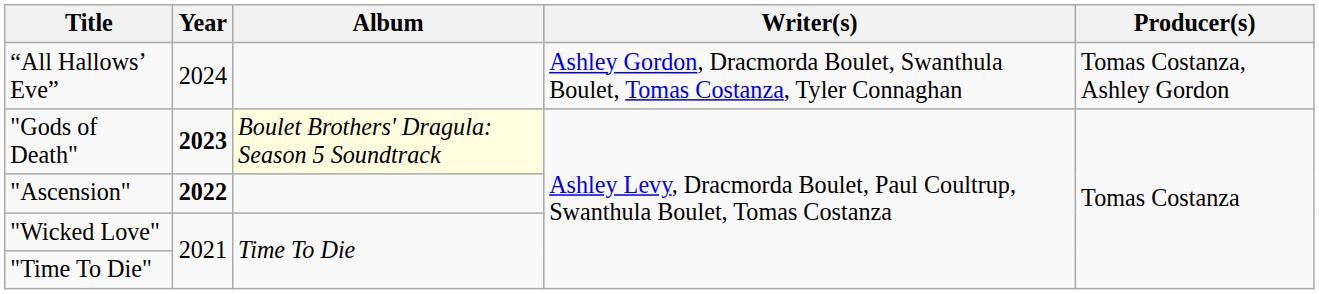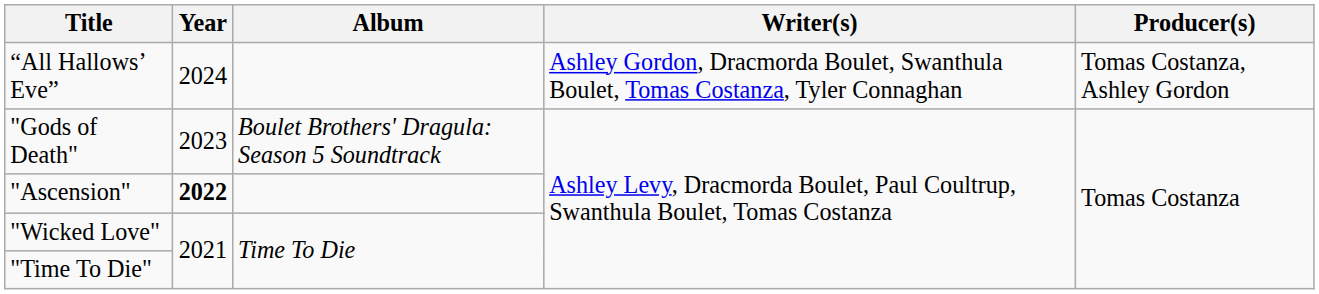 <table class="wikitable">
 <tr>
 <th>Title</th>
 <th>Year</th>
 <th>Album</th>
 <th>Writer(s)</th>
 <th>Producer(s)</th>
 </tr>
 <tr>
 <td>“All Hallows’ Eve”</td>
 <td>2024</td>
 <td></td>
 <td><a href='#'>Ashley Gordon</a>, Dracmorda Boulet, Swanthula Boulet, <a href='#'>Tomas Costanza</a>, Tyler Connaghan</td>
 <td>Tomas Costanza, Ashley Gordon</td>
 </tr>
 <tr>
 <td>"Gods of Death"</td>
-<td><strong>2023</strong></td>
-<td style="background: lightyellow;"><em>Boulet Brothers' Dragula: Season 5 Soundtrack</em></td>
+<td>2023</td>
+<td><em>Boulet Brothers' Dragula: Season 5 Soundtrack</em></td>
 <td rowspan="4"><a href='#'>Ashley Levy</a>, Dracmorda Boulet, Paul Coultrup, Swanthula Boulet, Tomas Costanza</td>
 <td rowspan="4">Tomas Costanza</td>
 </tr>
 <tr>
 <td>"Ascension"</td>
 <td><strong>2022</strong></td>
 <td></td>
 </tr>
 <tr>
 <td>"Wicked Love"</td>
 <td rowspan="2">2021</td>
 <td rowspan="2"><em>Time To Die</em></td>
 </tr>
 <tr>
 <td>"Time To Die"</td>
 </tr>
 </table>
